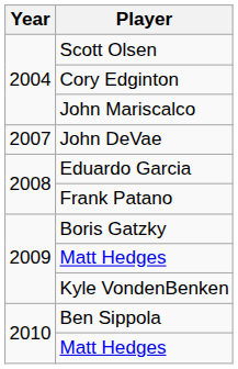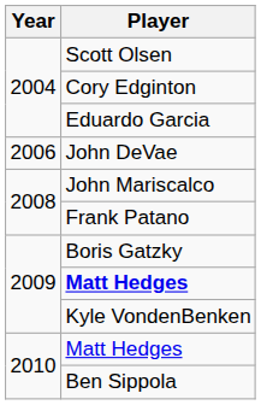 <table class= wikitable>
 <tr>
 <th width=px>Year</th>
 <th width=px>Player</th>
 </tr>
 <tr>
 <td rowspan=3>2004</td>
 <td>Scott Olsen</td>
 </tr>
 <tr>
 <td>Cory Edginton</td>
 </tr>
 <tr>
-<td>John Mariscalco</td>
+<td>Eduardo Garcia</td>
 </tr>
 <tr>
-<td>2007</td>
+<td>2006</td>
 <td>John DeVae</td>
 </tr>
 <tr>
 <td rowspan=2>2008</td>
-<td>Eduardo Garcia</td>
+<td>John Mariscalco</td>
 </tr>
 <tr>
 <td>Frank Patano</td>
 </tr>
 <tr>
 <td rowspan=3>2009</td>
 <td>Boris Gatzky</td>
 </tr>
 <tr>
-<td><a href='#'>Matt Hedges</a></td>
+<td><strong><a href='#'>Matt Hedges</a></strong></td>
 </tr>
 <tr>
 <td>Kyle VondenBenken</td>
 </tr>
 <tr>
 <td rowspan=2>2010</td>
+<td><a href='#'>Matt Hedges</a></td>
+</tr>
+<tr>
 <td>Ben Sippola</td>
 </tr>
-<tr>
-<td><a href='#'>Matt Hedges</a></td>
-</tr>
 </table>
